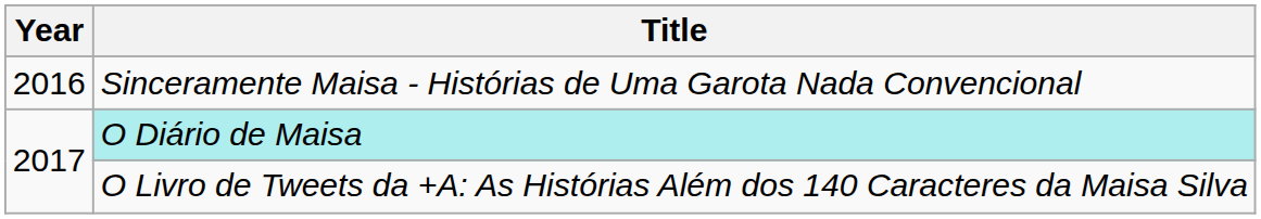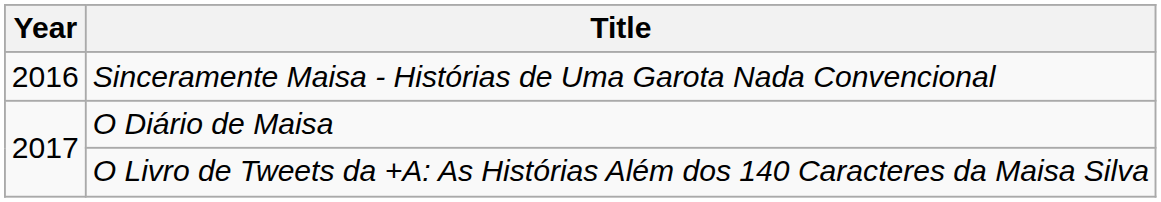 <table class="wikitable">
 <tr>
 <th>Year</th>
 <th>Title</th>
 </tr>
 <tr>
 <td>2016</td>
 <td><em>Sinceramente Maisa - Histórias de Uma Garota Nada Convencional</em></td>
 </tr>
 <tr>
 <td rowspan="2">2017</td>
-<td style="background: paleturquoise;"><em>O Diário de Maisa</em></td>
+<td><em>O Diário de Maisa</em></td>
 </tr>
 <tr>
 <td><em>O Livro de Tweets da +A: As Histórias Além dos 140 Caracteres da Maisa Silva</em></td>
 </tr>
 </table>
